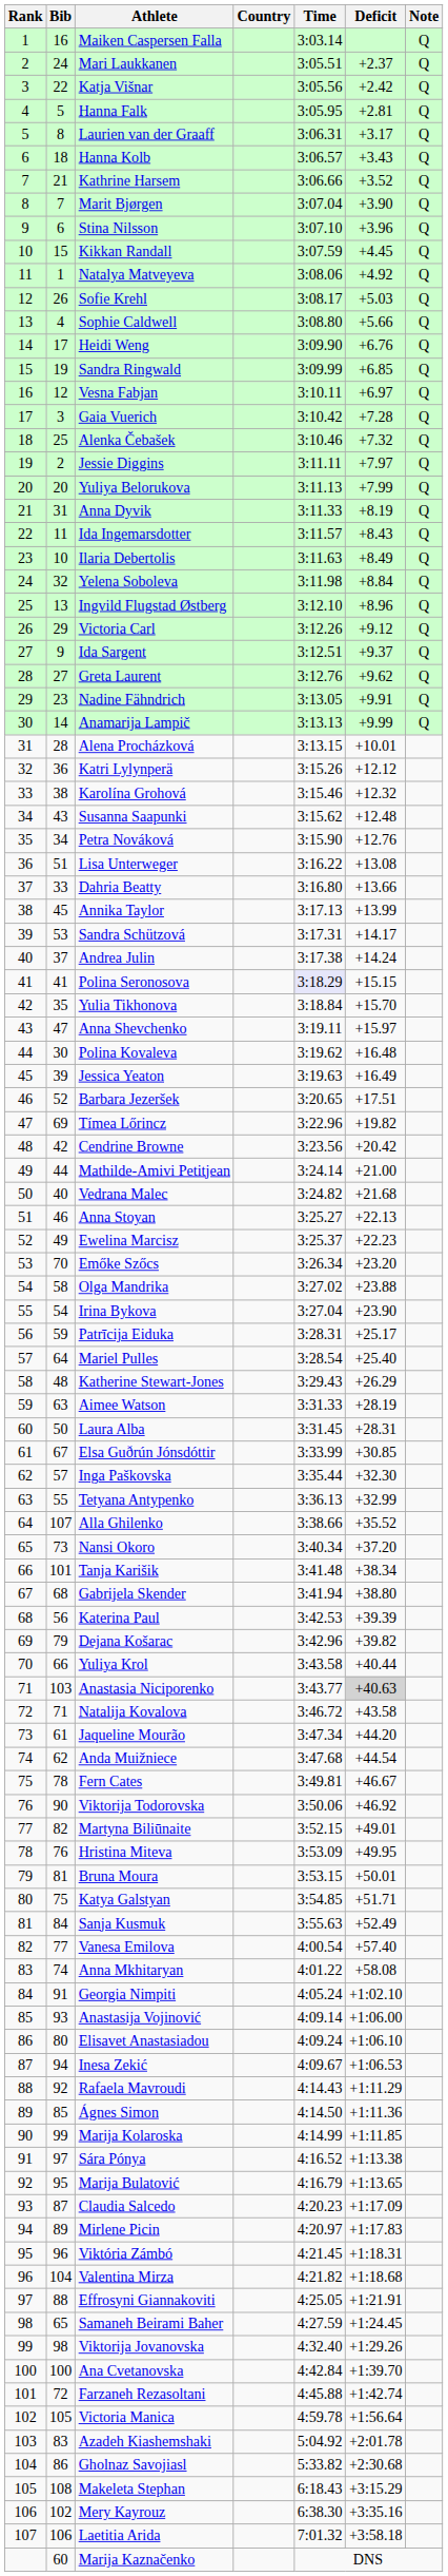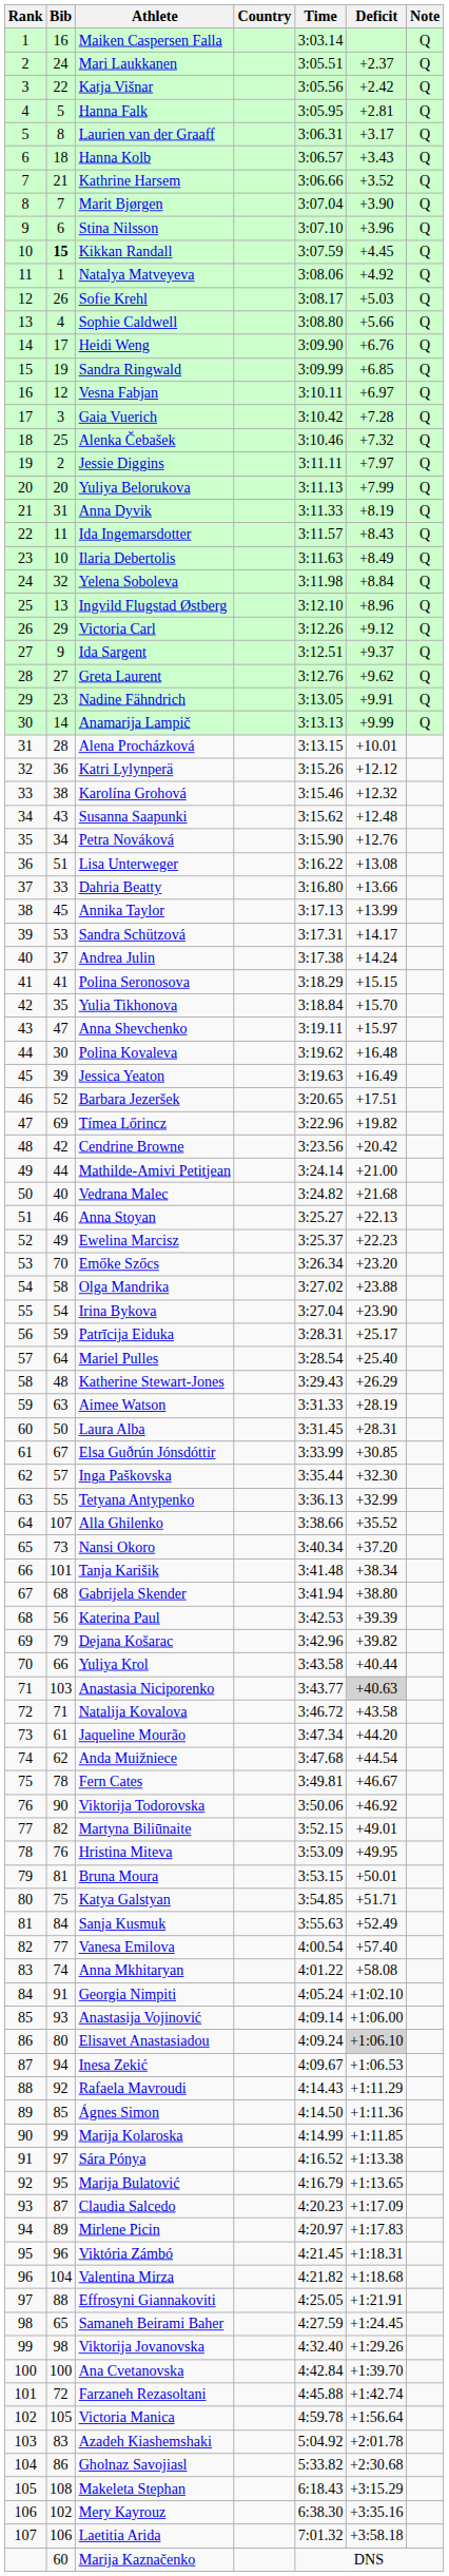 <table class="wikitable sortable" style="text-align:center">
 <tr>
 <th>Rank</th>
 <th>Bib</th>
 <th>Athlete</th>
 <th>Country</th>
 <th>Time</th>
 <th>Deficit</th>
 <th>Note</th>
 </tr>
 <tr bgcolor=ccffcc>
 <td>1</td>
 <td>16</td>
 <td align=left><a href='#'>Maiken Caspersen Falla</a></td>
 <td align=left></td>
 <td>3:03.14</td>
 <td></td>
 <td>Q</td>
 </tr>
 <tr bgcolor=ccffcc>
 <td>2</td>
 <td>24</td>
 <td align=left><a href='#'>Mari Laukkanen</a></td>
 <td align=left></td>
 <td>3:05.51</td>
 <td>+2.37</td>
 <td>Q</td>
 </tr>
 <tr bgcolor=ccffcc>
 <td>3</td>
 <td>22</td>
 <td align=left><a href='#'>Katja Višnar</a></td>
 <td align=left></td>
 <td>3:05.56</td>
 <td>+2.42</td>
 <td>Q</td>
 </tr>
 <tr bgcolor=ccffcc>
 <td>4</td>
 <td>5</td>
 <td align=left><a href='#'>Hanna Falk</a></td>
 <td align=left></td>
 <td>3:05.95</td>
 <td>+2.81</td>
 <td>Q</td>
 </tr>
 <tr bgcolor=ccffcc>
 <td>5</td>
 <td>8</td>
 <td align=left><a href='#'>Laurien van der Graaff</a></td>
 <td align=left></td>
 <td>3:06.31</td>
 <td>+3.17</td>
 <td>Q</td>
 </tr>
 <tr bgcolor=ccffcc>
 <td>6</td>
 <td>18</td>
 <td align=left><a href='#'>Hanna Kolb</a></td>
 <td align=left></td>
 <td>3:06.57</td>
 <td>+3.43</td>
 <td>Q</td>
 </tr>
 <tr bgcolor=ccffcc>
 <td>7</td>
 <td>21</td>
 <td align=left><a href='#'>Kathrine Harsem</a></td>
 <td align=left></td>
 <td>3:06.66</td>
 <td>+3.52</td>
 <td>Q</td>
 </tr>
 <tr bgcolor=ccffcc>
 <td>8</td>
 <td>7</td>
 <td align=left><a href='#'>Marit Bjørgen</a></td>
 <td align=left></td>
 <td>3:07.04</td>
 <td>+3.90</td>
 <td>Q</td>
 </tr>
 <tr bgcolor=ccffcc>
 <td>9</td>
 <td>6</td>
 <td align=left><a href='#'>Stina Nilsson</a></td>
 <td align=left></td>
 <td>3:07.10</td>
 <td>+3.96</td>
 <td>Q</td>
 </tr>
 <tr bgcolor=ccffcc>
 <td>10</td>
-<td>15</td>
+<td><strong>15</strong></td>
 <td align=left><a href='#'>Kikkan Randall</a></td>
 <td align=left></td>
 <td>3:07.59</td>
 <td>+4.45</td>
 <td>Q</td>
 </tr>
 <tr bgcolor=ccffcc>
 <td>11</td>
 <td>1</td>
 <td align=left><a href='#'>Natalya Matveyeva</a></td>
 <td align=left></td>
 <td>3:08.06</td>
 <td>+4.92</td>
 <td>Q</td>
 </tr>
 <tr bgcolor=ccffcc>
 <td>12</td>
 <td>26</td>
 <td align=left><a href='#'>Sofie Krehl</a></td>
 <td align=left></td>
 <td>3:08.17</td>
 <td>+5.03</td>
 <td>Q</td>
 </tr>
 <tr bgcolor=ccffcc>
 <td>13</td>
 <td>4</td>
 <td align=left><a href='#'>Sophie Caldwell</a></td>
 <td align=left></td>
 <td>3:08.80</td>
 <td>+5.66</td>
 <td>Q</td>
 </tr>
 <tr bgcolor=ccffcc>
 <td>14</td>
 <td>17</td>
 <td align=left><a href='#'>Heidi Weng</a></td>
 <td align=left></td>
 <td>3:09.90</td>
 <td>+6.76</td>
 <td>Q</td>
 </tr>
 <tr bgcolor=ccffcc>
 <td>15</td>
 <td>19</td>
 <td align=left><a href='#'>Sandra Ringwald</a></td>
 <td align=left></td>
 <td>3:09.99</td>
 <td>+6.85</td>
 <td>Q</td>
 </tr>
 <tr bgcolor=ccffcc>
 <td>16</td>
 <td>12</td>
 <td align=left><a href='#'>Vesna Fabjan</a></td>
 <td align=left></td>
 <td>3:10.11</td>
 <td>+6.97</td>
 <td>Q</td>
 </tr>
 <tr bgcolor=ccffcc>
 <td>17</td>
 <td>3</td>
 <td align=left><a href='#'>Gaia Vuerich</a></td>
 <td align=left></td>
 <td>3:10.42</td>
 <td>+7.28</td>
 <td>Q</td>
 </tr>
 <tr bgcolor=ccffcc>
 <td>18</td>
 <td>25</td>
 <td align=left><a href='#'>Alenka Čebašek</a></td>
 <td align=left></td>
 <td>3:10.46</td>
 <td>+7.32</td>
 <td>Q</td>
 </tr>
 <tr bgcolor=ccffcc>
 <td>19</td>
 <td>2</td>
 <td align=left><a href='#'>Jessie Diggins</a></td>
 <td align=left></td>
 <td>3:11.11</td>
 <td>+7.97</td>
 <td>Q</td>
 </tr>
 <tr bgcolor=ccffcc>
 <td>20</td>
 <td>20</td>
 <td align=left><a href='#'>Yuliya Belorukova</a></td>
 <td align=left></td>
 <td>3:11.13</td>
 <td>+7.99</td>
 <td>Q</td>
 </tr>
 <tr bgcolor=ccffcc>
 <td>21</td>
 <td>31</td>
 <td align=left><a href='#'>Anna Dyvik</a></td>
 <td align=left></td>
 <td>3:11.33</td>
 <td>+8.19</td>
 <td>Q</td>
 </tr>
 <tr bgcolor=ccffcc>
 <td>22</td>
 <td>11</td>
 <td align=left><a href='#'>Ida Ingemarsdotter</a></td>
 <td align=left></td>
 <td>3:11.57</td>
 <td>+8.43</td>
 <td>Q</td>
 </tr>
 <tr bgcolor=ccffcc>
 <td>23</td>
 <td>10</td>
 <td align=left><a href='#'>Ilaria Debertolis</a></td>
 <td align=left></td>
 <td>3:11.63</td>
 <td>+8.49</td>
 <td>Q</td>
 </tr>
 <tr bgcolor=ccffcc>
 <td>24</td>
 <td>32</td>
 <td align=left><a href='#'>Yelena Soboleva</a></td>
 <td align=left></td>
 <td>3:11.98</td>
 <td>+8.84</td>
 <td>Q</td>
 </tr>
 <tr bgcolor=ccffcc>
 <td>25</td>
 <td>13</td>
 <td align=left><a href='#'>Ingvild Flugstad Østberg</a></td>
 <td align=left></td>
 <td>3:12.10</td>
 <td>+8.96</td>
 <td>Q</td>
 </tr>
 <tr bgcolor=ccffcc>
 <td>26</td>
 <td>29</td>
 <td align=left><a href='#'>Victoria Carl</a></td>
 <td align=left></td>
 <td>3:12.26</td>
 <td>+9.12</td>
 <td>Q</td>
 </tr>
 <tr bgcolor=ccffcc>
 <td>27</td>
 <td>9</td>
 <td align=left><a href='#'>Ida Sargent</a></td>
 <td align=left></td>
 <td>3:12.51</td>
 <td>+9.37</td>
 <td>Q</td>
 </tr>
 <tr bgcolor=ccffcc>
 <td>28</td>
 <td>27</td>
 <td align=left><a href='#'>Greta Laurent</a></td>
 <td align=left></td>
 <td>3:12.76</td>
 <td>+9.62</td>
 <td>Q</td>
 </tr>
 <tr bgcolor=ccffcc>
 <td>29</td>
 <td>23</td>
 <td align=left><a href='#'>Nadine Fähndrich</a></td>
 <td align=left></td>
 <td>3:13.05</td>
 <td>+9.91</td>
 <td>Q</td>
 </tr>
 <tr bgcolor=ccffcc>
 <td>30</td>
 <td>14</td>
 <td align=left><a href='#'>Anamarija Lampič</a></td>
 <td align=left></td>
 <td>3:13.13</td>
 <td>+9.99</td>
 <td>Q</td>
 </tr>
 <tr>
 <td>31</td>
 <td>28</td>
 <td align=left><a href='#'>Alena Procházková</a></td>
 <td align=left></td>
 <td>3:13.15</td>
 <td>+10.01</td>
 <td></td>
 </tr>
 <tr>
 <td>32</td>
 <td>36</td>
 <td align=left><a href='#'>Katri Lylynperä</a></td>
 <td align=left></td>
 <td>3:15.26</td>
 <td>+12.12</td>
 <td></td>
 </tr>
 <tr>
 <td>33</td>
 <td>38</td>
 <td align=left><a href='#'>Karolína Grohová</a></td>
 <td align=left></td>
 <td>3:15.46</td>
 <td>+12.32</td>
 <td></td>
 </tr>
 <tr>
 <td>34</td>
 <td>43</td>
 <td align=left><a href='#'>Susanna Saapunki</a></td>
 <td align=left></td>
 <td>3:15.62</td>
 <td>+12.48</td>
 <td></td>
 </tr>
 <tr>
 <td>35</td>
 <td>34</td>
 <td align=left><a href='#'>Petra Nováková</a></td>
 <td align=left></td>
 <td>3:15.90</td>
 <td>+12.76</td>
 <td></td>
 </tr>
 <tr>
 <td>36</td>
 <td>51</td>
 <td align=left><a href='#'>Lisa Unterweger</a></td>
 <td align=left></td>
 <td>3:16.22</td>
 <td>+13.08</td>
 <td></td>
 </tr>
 <tr>
 <td>37</td>
 <td>33</td>
 <td align=left><a href='#'>Dahria Beatty</a></td>
 <td align=left></td>
 <td>3:16.80</td>
 <td>+13.66</td>
 <td></td>
 </tr>
 <tr>
 <td>38</td>
 <td>45</td>
 <td align=left><a href='#'>Annika Taylor</a></td>
 <td align=left></td>
 <td>3:17.13</td>
 <td>+13.99</td>
 <td></td>
 </tr>
 <tr>
 <td>39</td>
 <td>53</td>
 <td align=left><a href='#'>Sandra Schützová</a></td>
 <td align=left></td>
 <td>3:17.31</td>
 <td>+14.17</td>
 <td></td>
 </tr>
 <tr>
 <td>40</td>
 <td>37</td>
 <td align=left><a href='#'>Andrea Julin</a></td>
 <td align=left></td>
 <td>3:17.38</td>
 <td>+14.24</td>
 <td></td>
 </tr>
 <tr>
 <td>41</td>
 <td>41</td>
 <td align=left><a href='#'>Polina Seronosova</a></td>
 <td align=left></td>
-<td style="background: lavender;">3:18.29</td>
+<td>3:18.29</td>
 <td>+15.15</td>
 <td></td>
 </tr>
 <tr>
 <td>42</td>
 <td>35</td>
 <td align=left><a href='#'>Yulia Tikhonova</a></td>
 <td align=left></td>
 <td>3:18.84</td>
 <td>+15.70</td>
 <td></td>
 </tr>
 <tr>
 <td>43</td>
 <td>47</td>
 <td align=left><a href='#'>Anna Shevchenko</a></td>
 <td align=left></td>
 <td>3:19.11</td>
 <td>+15.97</td>
 <td></td>
 </tr>
 <tr>
 <td>44</td>
 <td>30</td>
 <td align=left><a href='#'>Polina Kovaleva</a></td>
 <td align=left></td>
 <td>3:19.62</td>
 <td>+16.48</td>
 <td></td>
 </tr>
 <tr>
 <td>45</td>
 <td>39</td>
 <td align=left><a href='#'>Jessica Yeaton</a></td>
 <td align=left></td>
 <td>3:19.63</td>
 <td>+16.49</td>
 <td></td>
 </tr>
 <tr>
 <td>46</td>
 <td>52</td>
 <td align=left><a href='#'>Barbara Jezeršek</a></td>
 <td align=left></td>
 <td>3:20.65</td>
 <td>+17.51</td>
 <td></td>
 </tr>
 <tr>
 <td>47</td>
 <td>69</td>
 <td align=left><a href='#'>Tímea Lőrincz</a></td>
 <td align=left></td>
 <td>3:22.96</td>
 <td>+19.82</td>
 <td></td>
 </tr>
 <tr>
 <td>48</td>
 <td>42</td>
 <td align=left><a href='#'>Cendrine Browne</a></td>
 <td align=left></td>
 <td>3:23.56</td>
 <td>+20.42</td>
 <td></td>
 </tr>
 <tr>
 <td>49</td>
 <td>44</td>
 <td align=left><a href='#'>Mathilde-Amivi Petitjean</a></td>
 <td align=left></td>
 <td>3:24.14</td>
 <td>+21.00</td>
 <td></td>
 </tr>
 <tr>
 <td>50</td>
 <td>40</td>
 <td align=left><a href='#'>Vedrana Malec</a></td>
 <td align=left></td>
 <td>3:24.82</td>
 <td>+21.68</td>
 <td></td>
 </tr>
 <tr>
 <td>51</td>
 <td>46</td>
 <td align=left><a href='#'>Anna Stoyan</a></td>
 <td align=left></td>
 <td>3:25.27</td>
 <td>+22.13</td>
 <td></td>
 </tr>
 <tr>
 <td>52</td>
 <td>49</td>
 <td align=left><a href='#'>Ewelina Marcisz</a></td>
 <td align=left></td>
 <td>3:25.37</td>
 <td>+22.23</td>
 <td></td>
 </tr>
 <tr>
 <td>53</td>
 <td>70</td>
 <td align=left><a href='#'>Emőke Szőcs</a></td>
 <td align=left></td>
 <td>3:26.34</td>
 <td>+23.20</td>
 <td></td>
 </tr>
 <tr>
 <td>54</td>
 <td>58</td>
 <td align=left><a href='#'>Olga Mandrika</a></td>
 <td align=left></td>
 <td>3:27.02</td>
 <td>+23.88</td>
 <td></td>
 </tr>
 <tr>
 <td>55</td>
 <td>54</td>
 <td align=left><a href='#'>Irina Bykova</a></td>
 <td align=left></td>
 <td>3:27.04</td>
 <td>+23.90</td>
 <td></td>
 </tr>
 <tr>
 <td>56</td>
 <td>59</td>
 <td align=left><a href='#'>Patrīcija Eiduka</a></td>
 <td align=left></td>
 <td>3:28.31</td>
 <td>+25.17</td>
 <td></td>
 </tr>
 <tr>
 <td>57</td>
 <td>64</td>
 <td align=left><a href='#'>Mariel Pulles</a></td>
 <td align=left></td>
 <td>3:28.54</td>
 <td>+25.40</td>
 <td></td>
 </tr>
 <tr>
 <td>58</td>
 <td>48</td>
 <td align=left><a href='#'>Katherine Stewart-Jones</a></td>
 <td align=left></td>
 <td>3:29.43</td>
 <td>+26.29</td>
 <td></td>
 </tr>
 <tr>
 <td>59</td>
 <td>63</td>
 <td align=left><a href='#'>Aimee Watson</a></td>
 <td align=left></td>
 <td>3:31.33</td>
 <td>+28.19</td>
 <td></td>
 </tr>
 <tr>
 <td>60</td>
 <td>50</td>
 <td align=left><a href='#'>Laura Alba</a></td>
 <td align=left></td>
 <td>3:31.45</td>
 <td>+28.31</td>
 <td></td>
 </tr>
 <tr>
 <td>61</td>
 <td>67</td>
 <td align=left><a href='#'>Elsa Guðrún Jónsdóttir</a></td>
 <td align=left></td>
 <td>3:33.99</td>
 <td>+30.85</td>
 <td></td>
 </tr>
 <tr>
 <td>62</td>
 <td>57</td>
 <td align=left><a href='#'>Inga Paškovska</a></td>
 <td align=left></td>
 <td>3:35.44</td>
 <td>+32.30</td>
 <td></td>
 </tr>
 <tr>
 <td>63</td>
 <td>55</td>
 <td align=left><a href='#'>Tetyana Antypenko</a></td>
 <td align=left></td>
 <td>3:36.13</td>
 <td>+32.99</td>
 <td></td>
 </tr>
 <tr>
 <td>64</td>
 <td>107</td>
 <td align=left><a href='#'>Alla Ghilenko</a></td>
 <td align=left></td>
 <td>3:38.66</td>
 <td>+35.52</td>
 <td></td>
 </tr>
 <tr>
 <td>65</td>
 <td>73</td>
 <td align=left><a href='#'>Nansi Okoro</a></td>
 <td align=left></td>
 <td>3:40.34</td>
 <td>+37.20</td>
 <td></td>
 </tr>
 <tr>
 <td>66</td>
 <td>101</td>
 <td align=left><a href='#'>Tanja Karišik</a></td>
 <td align=left></td>
 <td>3:41.48</td>
 <td>+38.34</td>
 <td></td>
 </tr>
 <tr>
 <td>67</td>
 <td>68</td>
 <td align=left><a href='#'>Gabrijela Skender</a></td>
 <td align=left></td>
 <td>3:41.94</td>
 <td>+38.80</td>
 <td></td>
 </tr>
 <tr>
 <td>68</td>
 <td>56</td>
 <td align=left><a href='#'>Katerina Paul</a></td>
 <td align=left></td>
 <td>3:42.53</td>
 <td>+39.39</td>
 <td></td>
 </tr>
 <tr>
 <td>69</td>
 <td>79</td>
 <td align=left><a href='#'>Dejana Košarac</a></td>
 <td align=left></td>
 <td>3:42.96</td>
 <td>+39.82</td>
 <td></td>
 </tr>
 <tr>
 <td>70</td>
 <td>66</td>
 <td align=left><a href='#'>Yuliya Krol</a></td>
 <td align=left></td>
 <td>3:43.58</td>
 <td>+40.44</td>
 <td></td>
 </tr>
 <tr>
 <td>71</td>
 <td>103</td>
 <td align=left><a href='#'>Anastasia Niciporenko</a></td>
 <td align=left></td>
 <td>3:43.77</td>
 <td style="background: lightgrey;">+40.63</td>
 <td></td>
 </tr>
 <tr>
 <td>72</td>
 <td>71</td>
 <td align=left><a href='#'>Natalija Kovalova</a></td>
 <td align=left></td>
 <td>3:46.72</td>
 <td>+43.58</td>
 <td></td>
 </tr>
 <tr>
 <td>73</td>
 <td>61</td>
 <td align=left><a href='#'>Jaqueline Mourão</a></td>
 <td align=left></td>
 <td>3:47.34</td>
 <td>+44.20</td>
 <td></td>
 </tr>
 <tr>
 <td>74</td>
 <td>62</td>
 <td align=left><a href='#'>Anda Muižniece</a></td>
 <td align=left></td>
 <td>3:47.68</td>
 <td>+44.54</td>
 <td></td>
 </tr>
 <tr>
 <td>75</td>
 <td>78</td>
 <td align=left><a href='#'>Fern Cates</a></td>
 <td align=left></td>
 <td>3:49.81</td>
 <td>+46.67</td>
 <td></td>
 </tr>
 <tr>
 <td>76</td>
 <td>90</td>
 <td align=left><a href='#'>Viktorija Todorovska</a></td>
 <td align=left></td>
 <td>3:50.06</td>
 <td>+46.92</td>
 <td></td>
 </tr>
 <tr>
 <td>77</td>
 <td>82</td>
 <td align=left><a href='#'>Martyna Biliūnaite</a></td>
 <td align=left></td>
 <td>3:52.15</td>
 <td>+49.01</td>
 <td></td>
 </tr>
 <tr>
 <td>78</td>
 <td>76</td>
 <td align=left><a href='#'>Hristina Miteva</a></td>
 <td align=left></td>
 <td>3:53.09</td>
 <td>+49.95</td>
 <td></td>
 </tr>
 <tr>
 <td>79</td>
 <td>81</td>
 <td align=left><a href='#'>Bruna Moura</a></td>
 <td align=left></td>
 <td>3:53.15</td>
 <td>+50.01</td>
 <td></td>
 </tr>
 <tr>
 <td>80</td>
 <td>75</td>
 <td align=left><a href='#'>Katya Galstyan</a></td>
 <td align=left></td>
 <td>3:54.85</td>
 <td>+51.71</td>
 <td></td>
 </tr>
 <tr>
 <td>81</td>
 <td>84</td>
 <td align=left><a href='#'>Sanja Kusmuk</a></td>
 <td align=left></td>
 <td>3:55.63</td>
 <td>+52.49</td>
 <td></td>
 </tr>
 <tr>
 <td>82</td>
 <td>77</td>
 <td align=left><a href='#'>Vanesa Emilova</a></td>
 <td align=left></td>
 <td>4:00.54</td>
 <td>+57.40</td>
 <td></td>
 </tr>
 <tr>
 <td>83</td>
 <td>74</td>
 <td align=left><a href='#'>Anna Mkhitaryan</a></td>
 <td align=left></td>
 <td>4:01.22</td>
 <td>+58.08</td>
 <td></td>
 </tr>
 <tr>
 <td>84</td>
 <td>91</td>
 <td align=left><a href='#'>Georgia Nimpiti</a></td>
 <td align=left></td>
 <td>4:05.24</td>
 <td>+1:02.10</td>
 <td></td>
 </tr>
 <tr>
 <td>85</td>
 <td>93</td>
 <td align=left><a href='#'>Anastasija Vojinović</a></td>
 <td align=left></td>
 <td>4:09.14</td>
 <td>+1:06.00</td>
 <td></td>
 </tr>
 <tr>
 <td>86</td>
 <td>80</td>
 <td align=left><a href='#'>Elisavet Anastasiadou</a></td>
 <td align=left></td>
 <td>4:09.24</td>
-<td>+1:06.10</td>
+<td style="background: lightgrey;">+1:06.10</td>
 <td></td>
 </tr>
 <tr>
 <td>87</td>
 <td>94</td>
 <td align=left><a href='#'>Inesa Zekić</a></td>
 <td align=left></td>
 <td>4:09.67</td>
 <td>+1:06.53</td>
 <td></td>
 </tr>
 <tr>
 <td>88</td>
 <td>92</td>
 <td align=left><a href='#'>Rafaela Mavroudi</a></td>
 <td align=left></td>
 <td>4:14.43</td>
 <td>+1:11.29</td>
 <td></td>
 </tr>
 <tr>
 <td>89</td>
 <td>85</td>
 <td align=left><a href='#'>Ágnes Simon</a></td>
 <td align=left></td>
 <td>4:14.50</td>
 <td>+1:11.36</td>
 <td></td>
 </tr>
 <tr>
 <td>90</td>
 <td>99</td>
 <td align=left><a href='#'>Marija Kolaroska</a></td>
 <td align=left></td>
 <td>4:14.99</td>
 <td>+1:11.85</td>
 <td></td>
 </tr>
 <tr>
 <td>91</td>
 <td>97</td>
 <td align=left><a href='#'>Sára Pónya</a></td>
 <td align=left></td>
 <td>4:16.52</td>
 <td>+1:13.38</td>
 <td></td>
 </tr>
 <tr>
 <td>92</td>
 <td>95</td>
 <td align=left><a href='#'>Marija Bulatović</a></td>
 <td align=left></td>
 <td>4:16.79</td>
 <td>+1:13.65</td>
 <td></td>
 </tr>
 <tr>
 <td>93</td>
 <td>87</td>
 <td align=left><a href='#'>Claudia Salcedo</a></td>
 <td align=left></td>
 <td>4:20.23</td>
 <td>+1:17.09</td>
 <td></td>
 </tr>
 <tr>
 <td>94</td>
 <td>89</td>
 <td align=left><a href='#'>Mirlene Picin</a></td>
 <td align=left></td>
 <td>4:20.97</td>
 <td>+1:17.83</td>
 <td></td>
 </tr>
 <tr>
 <td>95</td>
 <td>96</td>
 <td align=left><a href='#'>Viktória Zámbó</a></td>
 <td align=left></td>
 <td>4:21.45</td>
 <td>+1:18.31</td>
 <td></td>
 </tr>
 <tr>
 <td>96</td>
 <td>104</td>
 <td align=left><a href='#'>Valentina Mirza</a></td>
 <td align=left></td>
 <td>4:21.82</td>
 <td>+1:18.68</td>
 <td></td>
 </tr>
 <tr>
 <td>97</td>
 <td>88</td>
 <td align=left><a href='#'>Effrosyni Giannakoviti</a></td>
 <td align=left></td>
 <td>4:25.05</td>
 <td>+1:21.91</td>
 <td></td>
 </tr>
 <tr>
 <td>98</td>
 <td>65</td>
 <td align=left><a href='#'>Samaneh Beirami Baher</a></td>
 <td align=left></td>
 <td>4:27.59</td>
 <td>+1:24.45</td>
 <td></td>
 </tr>
 <tr>
 <td>99</td>
 <td>98</td>
 <td align=left><a href='#'>Viktorija Jovanovska</a></td>
 <td align=left></td>
 <td>4:32.40</td>
 <td>+1:29.26</td>
 <td></td>
 </tr>
 <tr>
 <td>100</td>
 <td>100</td>
 <td align=left><a href='#'>Ana Cvetanovska</a></td>
 <td align=left></td>
 <td>4:42.84</td>
 <td>+1:39.70</td>
 <td></td>
 </tr>
 <tr>
 <td>101</td>
 <td>72</td>
 <td align=left><a href='#'>Farzaneh Rezasoltani</a></td>
 <td align=left></td>
 <td>4:45.88</td>
 <td>+1:42.74</td>
 <td></td>
 </tr>
 <tr>
 <td>102</td>
 <td>105</td>
 <td align=left><a href='#'>Victoria Manica</a></td>
 <td align=left></td>
 <td>4:59.78</td>
 <td>+1:56.64</td>
 <td></td>
 </tr>
 <tr>
 <td>103</td>
 <td>83</td>
 <td align=left><a href='#'>Azadeh Kiashemshaki</a></td>
 <td align=left></td>
 <td>5:04.92</td>
 <td>+2:01.78</td>
 <td></td>
 </tr>
 <tr>
 <td>104</td>
 <td>86</td>
 <td align=left><a href='#'>Gholnaz Savojiasl</a></td>
 <td align=left></td>
 <td>5:33.82</td>
 <td>+2:30.68</td>
 <td></td>
 </tr>
 <tr>
 <td>105</td>
 <td>108</td>
 <td align=left><a href='#'>Makeleta Stephan</a></td>
 <td align=left></td>
 <td>6:18.43</td>
 <td>+3:15.29</td>
 <td></td>
 </tr>
 <tr>
 <td>106</td>
 <td>102</td>
 <td align=left><a href='#'>Mery Kayrouz</a></td>
 <td align=left></td>
 <td>6:38.30</td>
 <td>+3:35.16</td>
 <td></td>
 </tr>
 <tr>
 <td>107</td>
 <td>106</td>
 <td align=left><a href='#'>Laetitia Arida</a></td>
 <td align=left></td>
 <td>7:01.32</td>
 <td>+3:58.18</td>
 <td></td>
 </tr>
 <tr>
 <td></td>
 <td>60</td>
 <td align=left><a href='#'>Marija Kaznačenko</a></td>
 <td align=left></td>
 <td colspan=3>DNS</td>
 </tr>
 </table>
